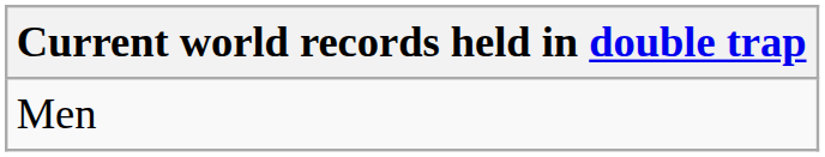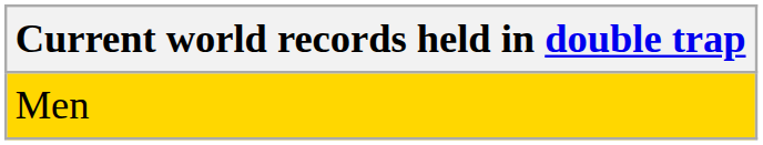 <table class="wikitable" style="font-size: 95%">
 <tr>
 <th colspan=7>Current world records held in <a href='#'>double trap</a></th>
 </tr>
 <tr>
-<td>Men<br></td>
+<td style="background: gold;">Men<br></td>
 </tr>
 </table>
